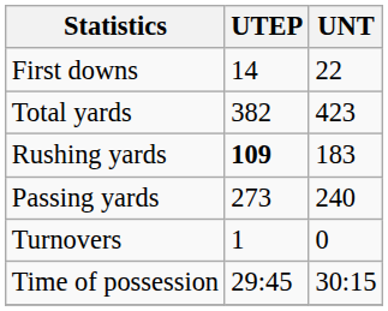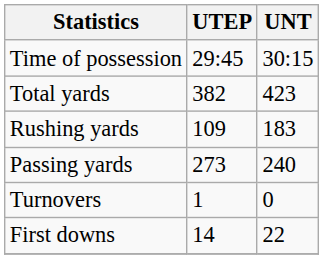 <table class="wikitable">
 <tr>
 <th>Statistics</th>
 <th>UTEP</th>
 <th>UNT</th>
 </tr>
 <tr>
-<td>First downs</td>
-<td>14</td>
-<td>22</td>
+<td>Time of possession</td>
+<td>29:45</td>
+<td>30:15</td>
 </tr>
 <tr>
 <td>Total yards</td>
 <td>382</td>
 <td>423</td>
 </tr>
 <tr>
 <td>Rushing yards</td>
-<td><strong>109</strong></td>
+<td>109</td>
 <td>183</td>
 </tr>
 <tr>
 <td>Passing yards</td>
 <td>273</td>
 <td>240</td>
 </tr>
 <tr>
 <td>Turnovers</td>
 <td>1</td>
 <td>0</td>
 </tr>
 <tr>
-<td>Time of possession</td>
-<td>29:45</td>
-<td>30:15</td>
+<td>First downs</td>
+<td>14</td>
+<td>22</td>
 </tr>
 <tr>
 </tr>
 </table>
